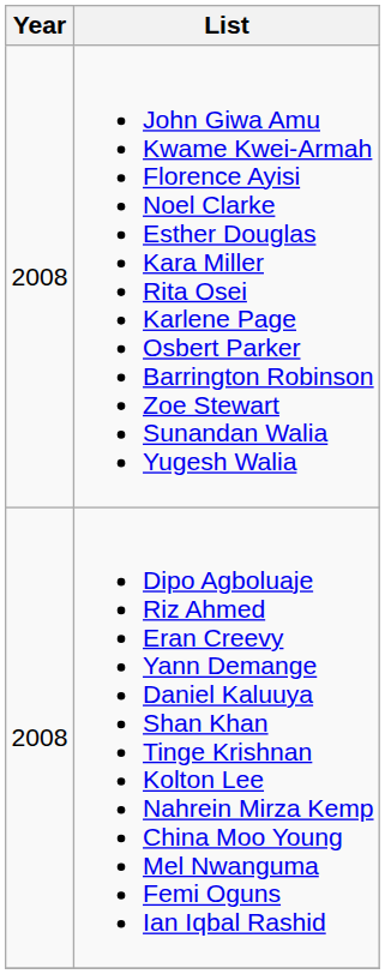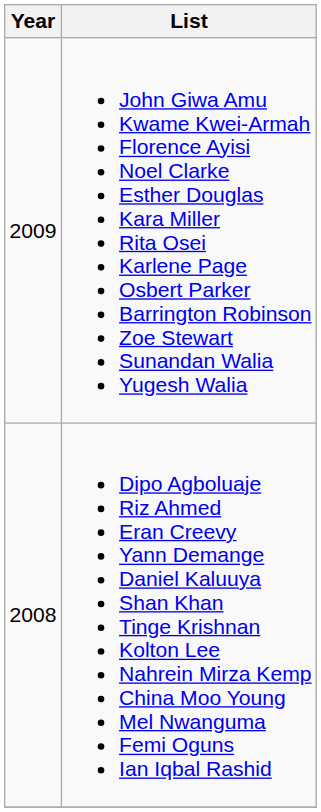 <table class="wikitable sortable">
 <tr>
 <th>Year</th>
 <th>List</th>
 </tr>
 <tr>
-<td>2008</td>
+<td>2009</td>
 <td><br><ul><li><a href='#'>John Giwa Amu</a></li><li><a href='#'>Kwame Kwei-Armah</a></li><li><a href='#'>Florence Ayisi</a></li><li><a href='#'>Noel Clarke</a></li><li><a href='#'>Esther Douglas</a></li><li><a href='#'>Kara Miller</a></li><li><a href='#'>Rita Osei</a></li><li><a href='#'>Karlene Page</a></li><li><a href='#'>Osbert Parker</a></li><li><a href='#'>Barrington Robinson</a></li><li><a href='#'>Zoe Stewart</a></li><li><a href='#'>Sunandan Walia</a></li><li><a href='#'>Yugesh Walia</a></li></ul></td>
 </tr>
 <tr>
 <td>2008</td>
 <td><br><ul><li><a href='#'>Dipo Agboluaje</a></li><li><a href='#'>Riz Ahmed</a></li><li><a href='#'>Eran Creevy</a></li><li><a href='#'>Yann Demange</a></li><li><a href='#'>Daniel Kaluuya</a></li><li><a href='#'>Shan Khan</a></li><li><a href='#'>Tinge Krishnan</a></li><li><a href='#'>Kolton Lee</a></li><li><a href='#'>Nahrein Mirza Kemp</a></li><li><a href='#'>China Moo Young</a></li><li><a href='#'>Mel Nwanguma</a></li><li><a href='#'>Femi Oguns</a></li><li><a href='#'>Ian Iqbal Rashid</a></li></ul></td>
 </tr>
 <tr>
 </tr>
 </table>
